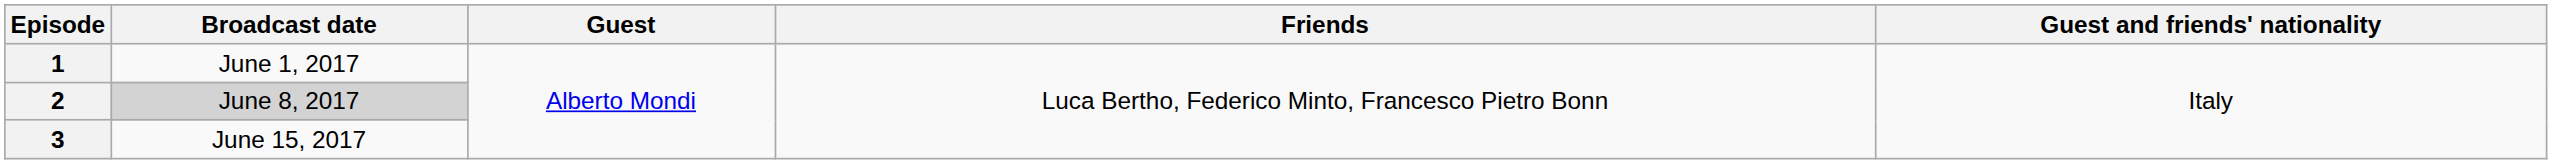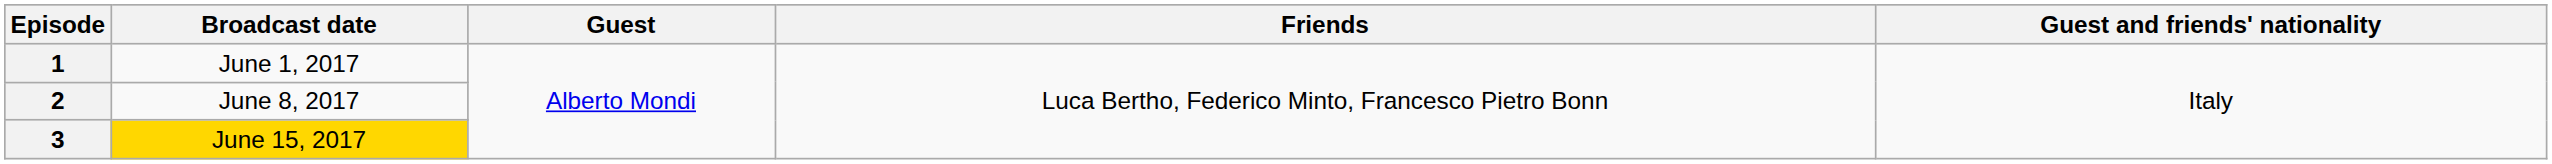 <table class="wikitable" style="text-align:center; font-size:90%; width:95%;">
 <tr>
 <th width="1%">Episode</th>
 <th>Broadcast date</th>
 <th>Guest</th>
 <th>Friends</th>
 <th>Guest and friends' nationality</th>
 </tr>
 <tr>
 <th>1</th>
 <td>June 1, 2017</td>
 <td rowspan="3"><a href='#'>Alberto Mondi</a></td>
 <td rowspan=3>Luca Bertho, Federico Minto, Francesco Pietro Bonn</td>
 <td rowspan=3>Italy</td>
 </tr>
 <tr>
 <th>2</th>
-<td style="background: lightgrey;">June 8, 2017</td>
+<td>June 8, 2017</td>
 </tr>
 <tr>
 <th>3</th>
-<td>June 15, 2017</td>
+<td style="background: gold;">June 15, 2017</td>
 </tr>
 </table>
